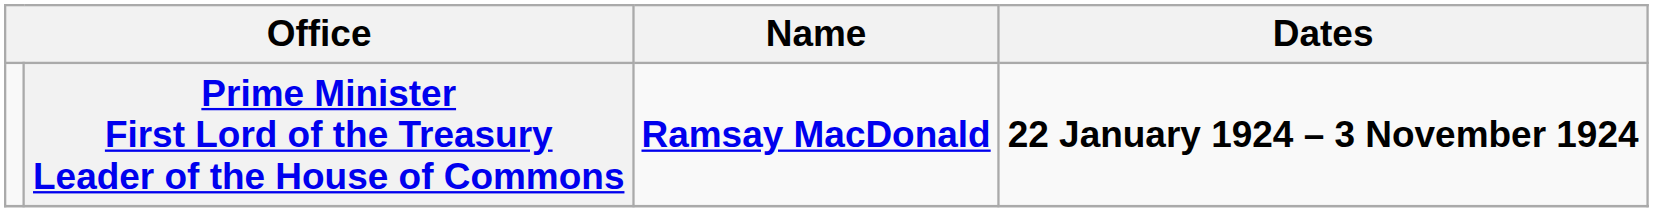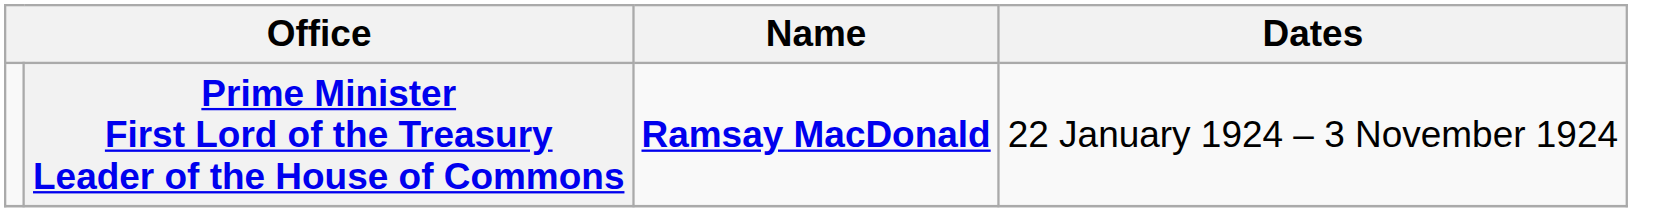 <table class="wikitable plainrowheaders">
 <tr>
 <th colspan=2>Office</th>
 <th>Name</th>
 <th>Dates</th>
 </tr>
 <tr>
 <td rowspan="1" style="width: 1px; background: "></td>
 <th scope=row><a href='#'>Prime Minister</a><br><a href='#'>First Lord of the Treasury</a><br><a href='#'>Leader of the House of Commons</a></th>
 <td> <strong><a href='#'>Ramsay MacDonald</a></strong> </td>
-<td><strong>22 January 1924 – 3 November 1924</strong></td>
+<td>22 January 1924 – 3 November 1924</td>
 </tr>
 <tr>
 </tr>
 </table>
